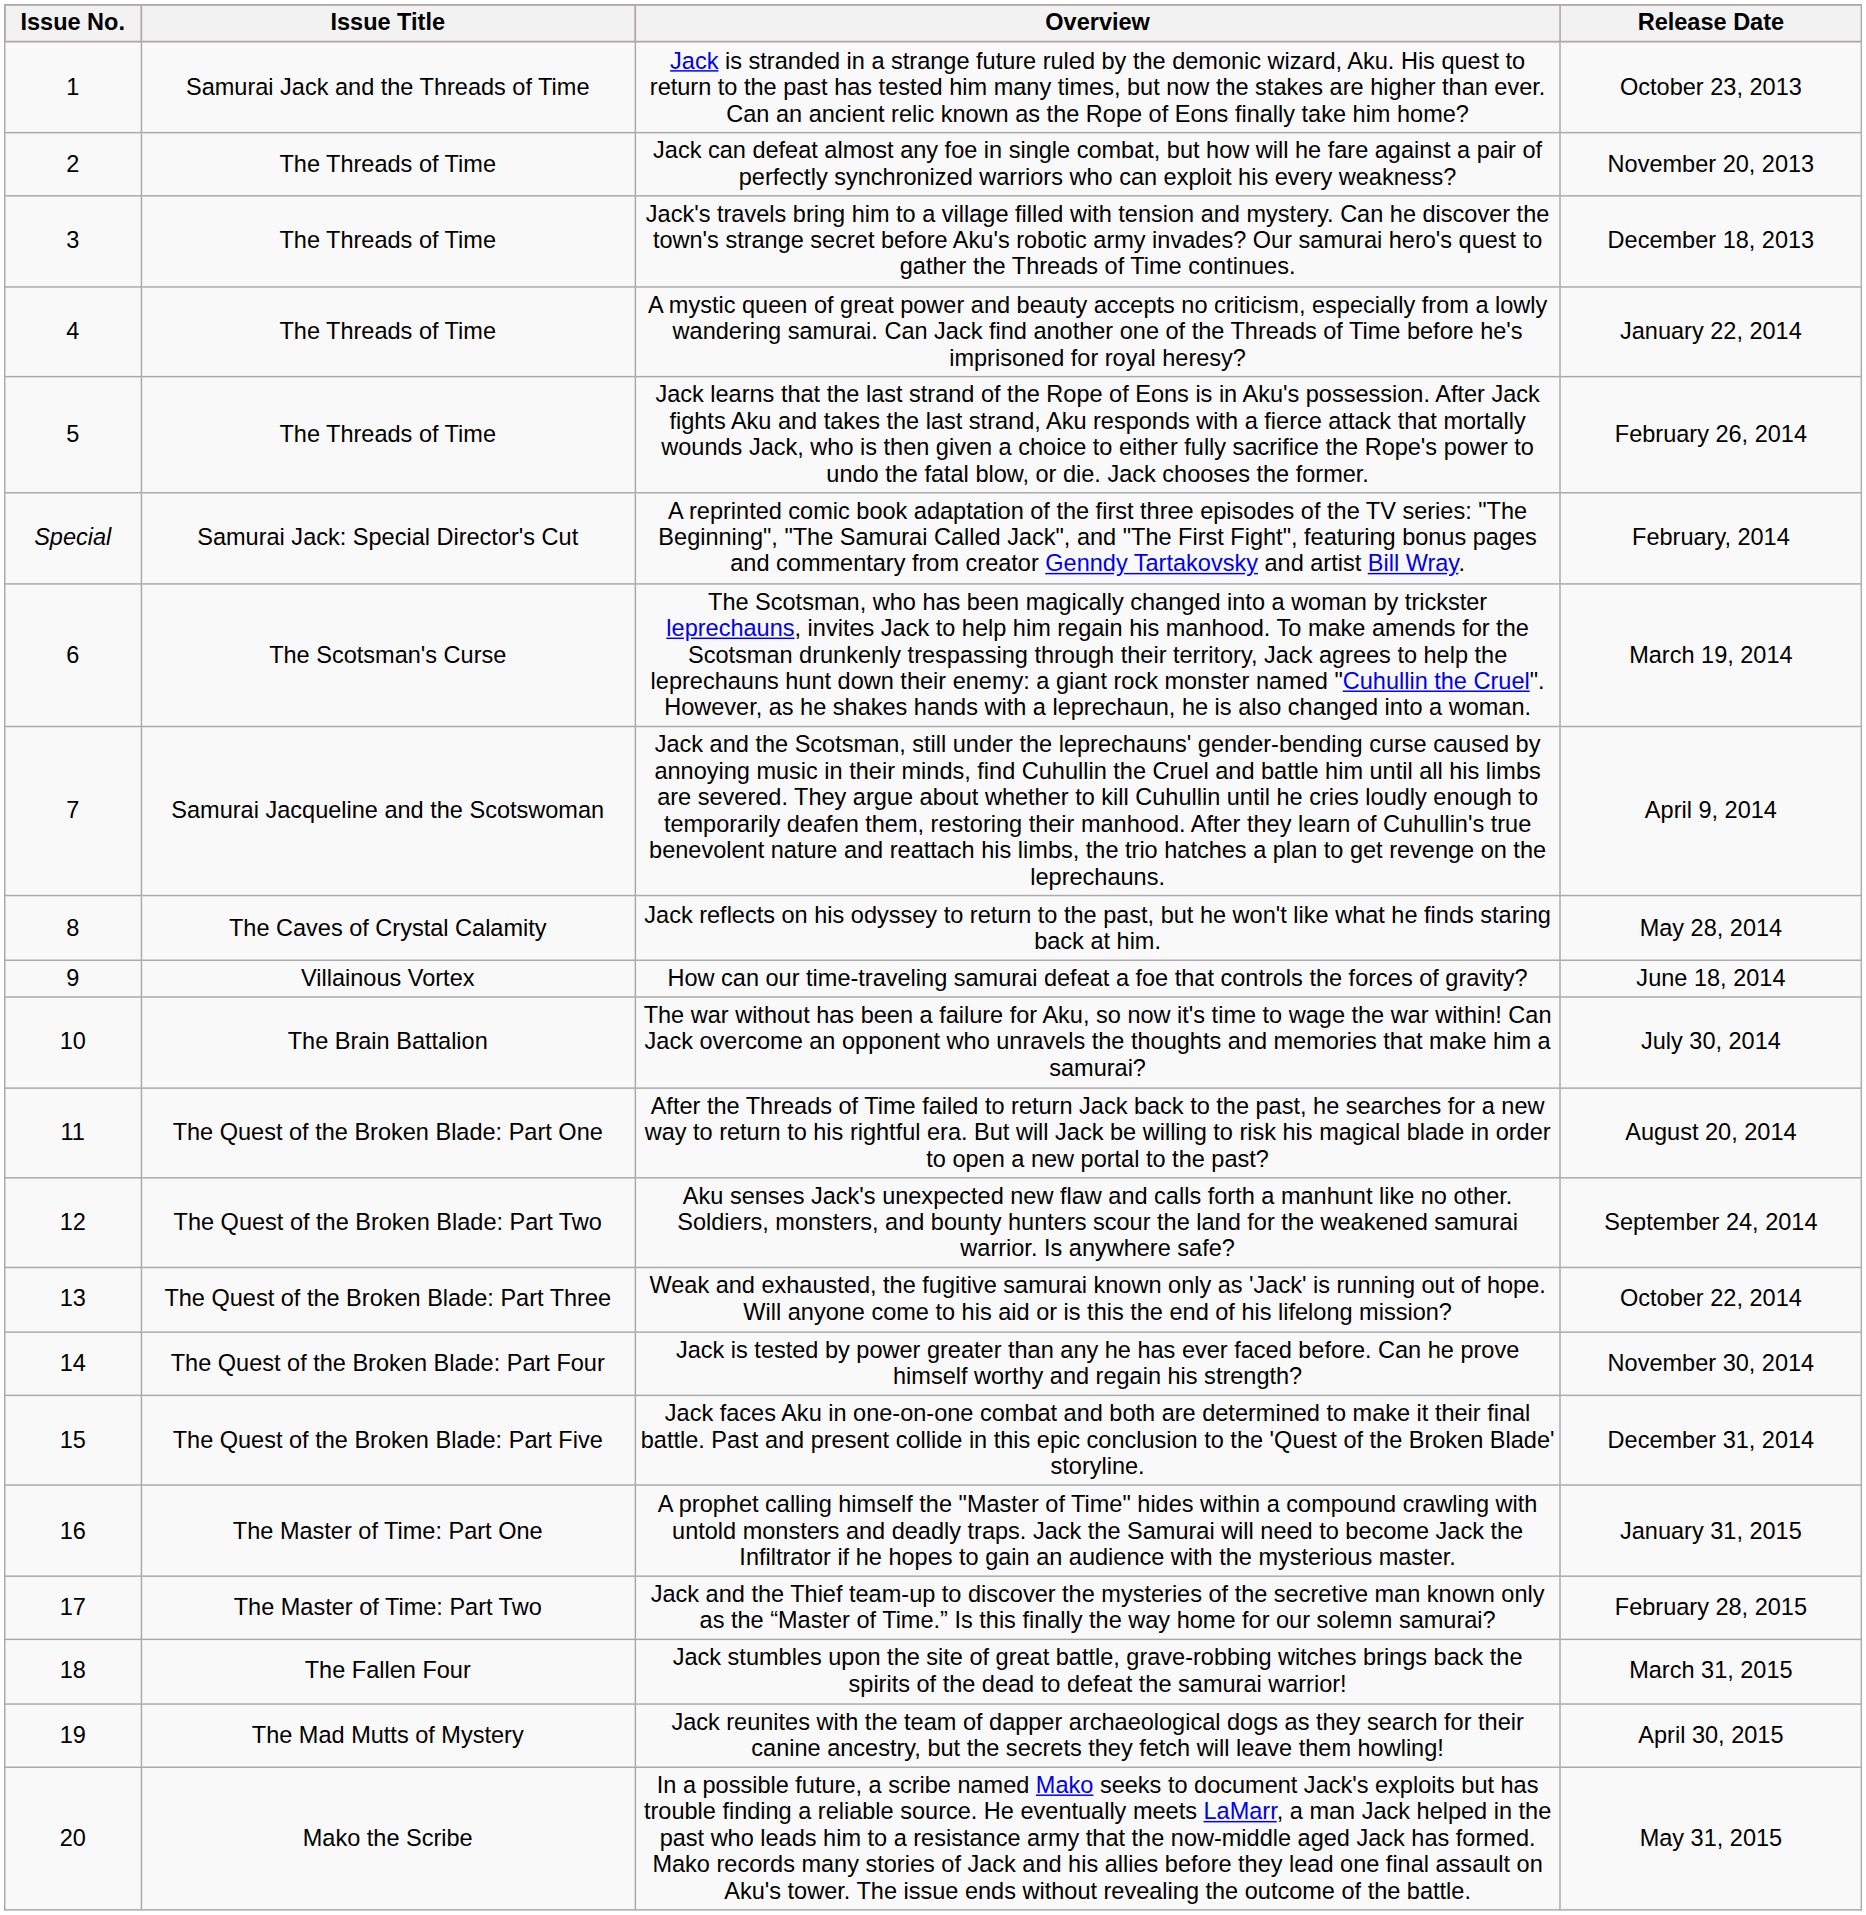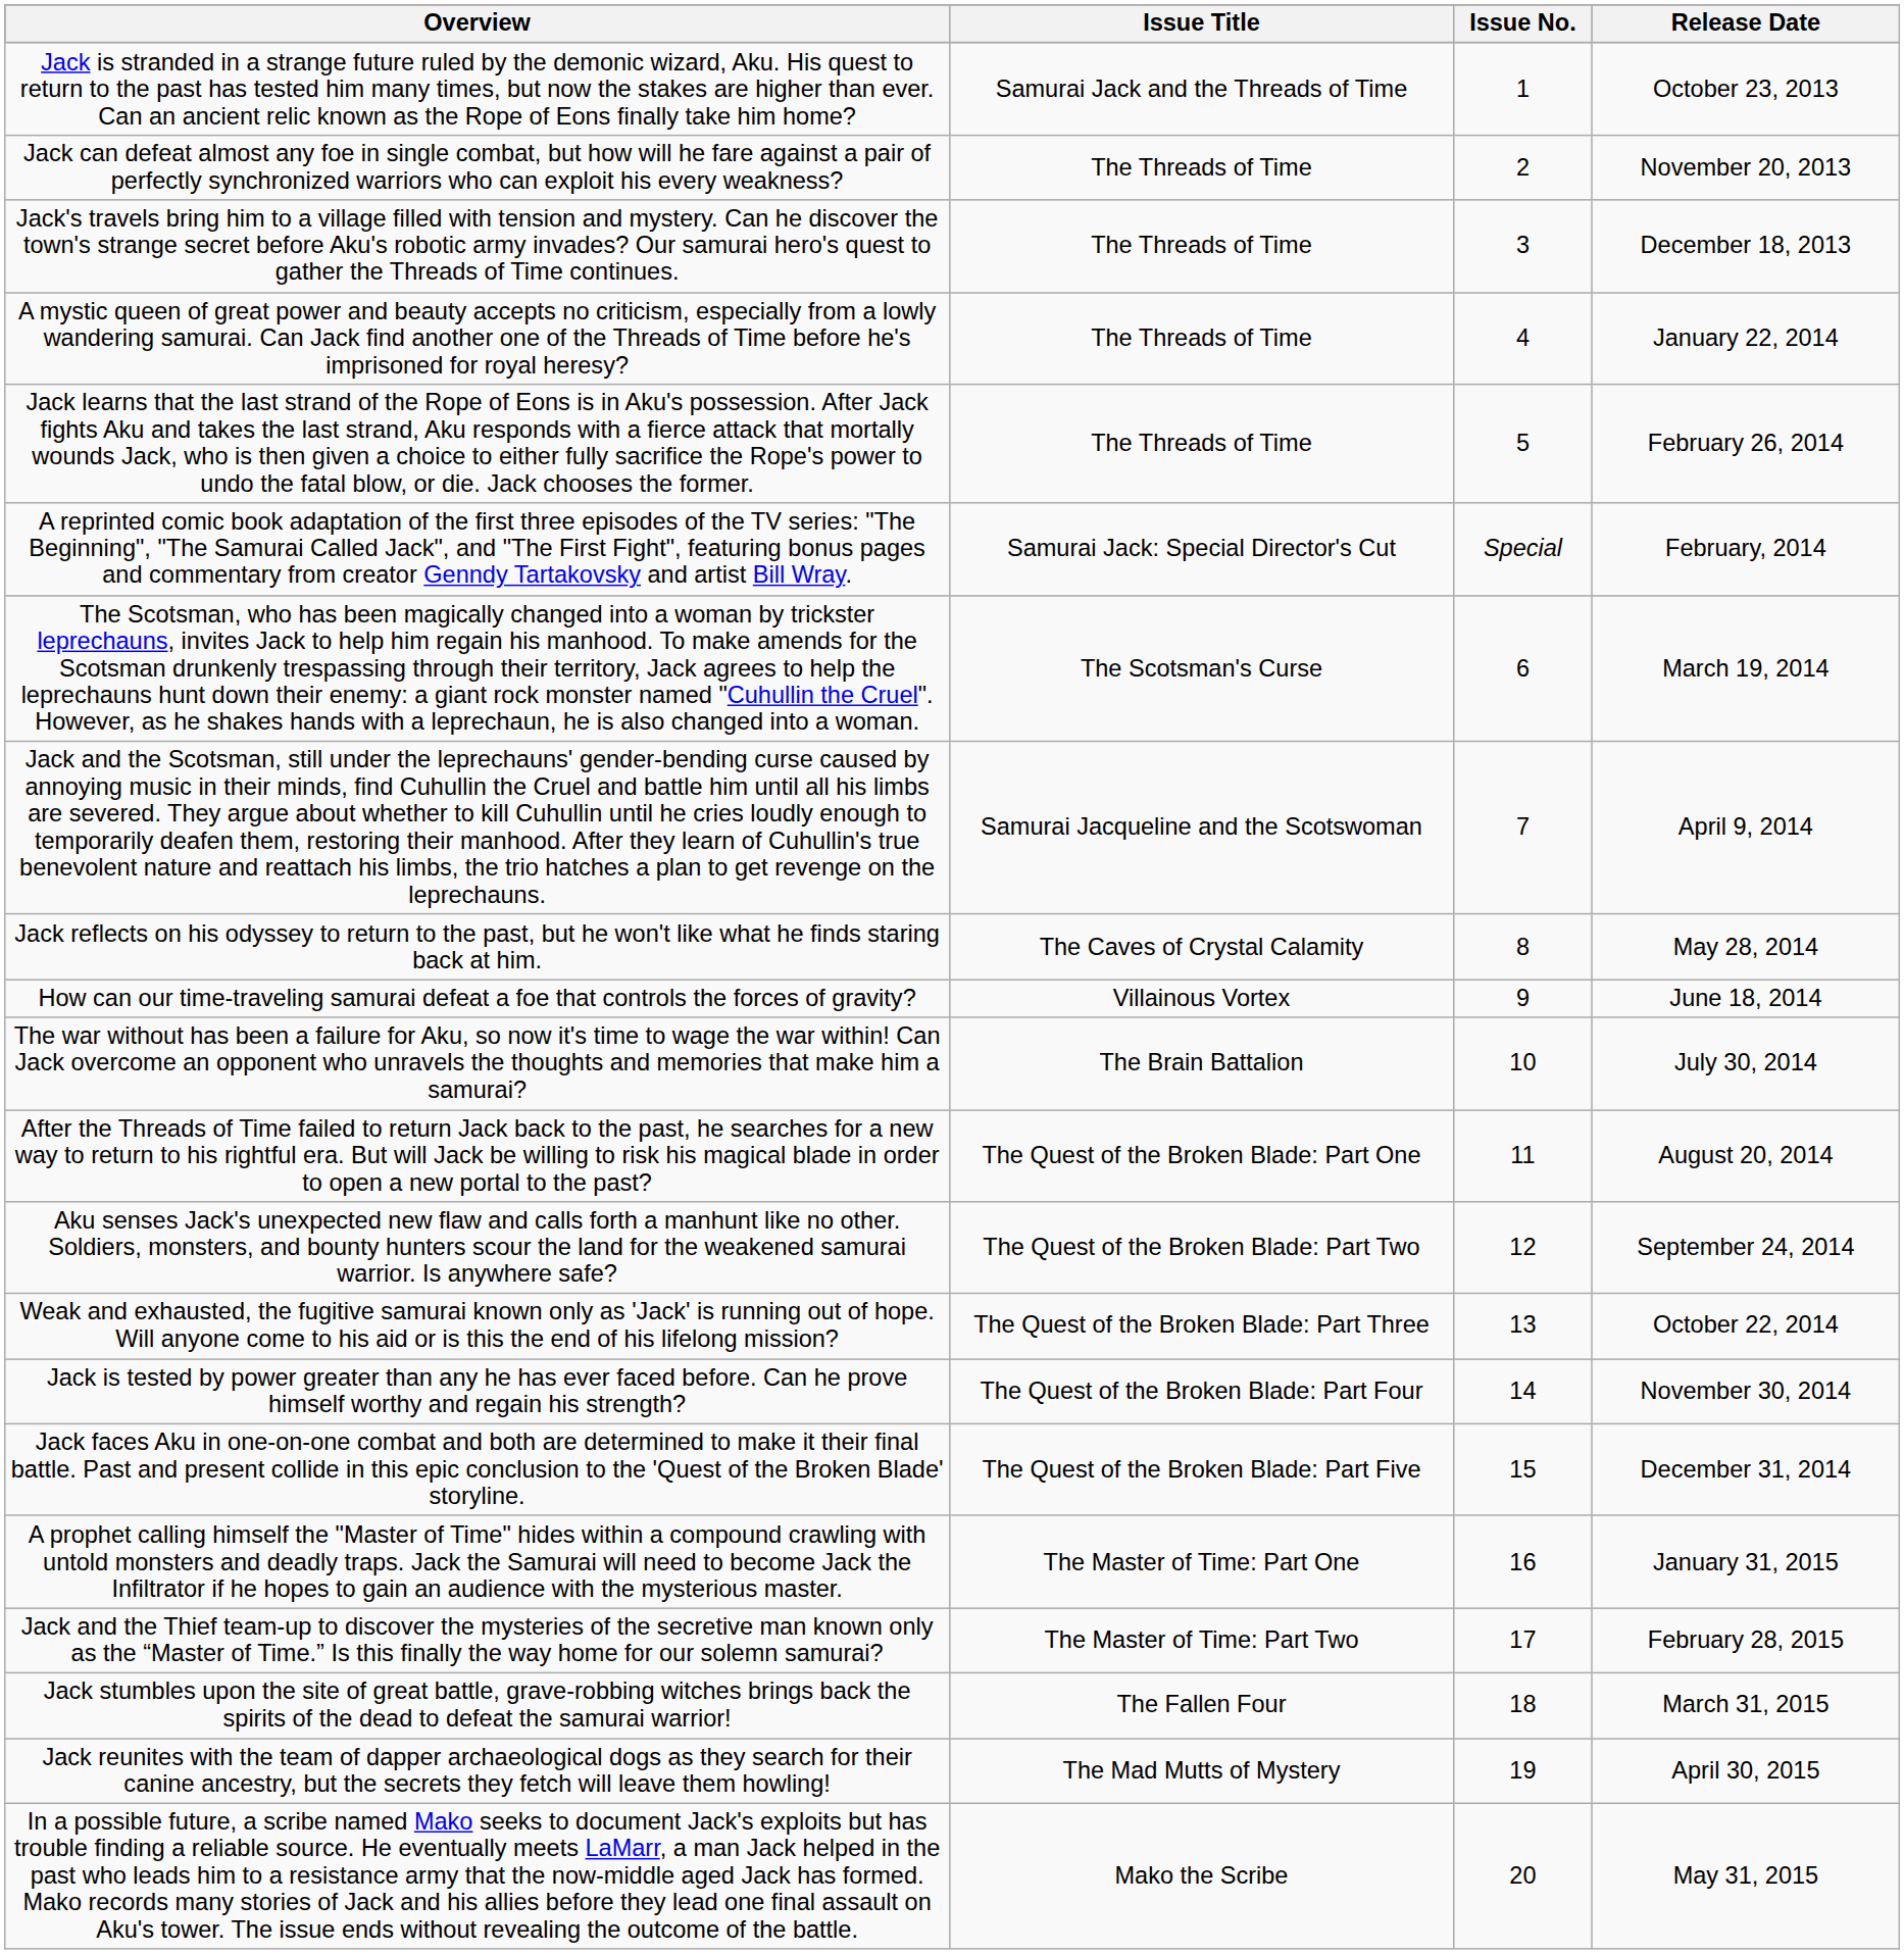 <table class="wikitable plainrowheaders" border="2" width="100%" style="text-align:center;">
 <tr style="background:#980d26; text-align:center;">
+<th style="width:400px;">Overview</th>
+<th style="width:210px;">Issue Title</th>
 <th style="width:50px;">Issue No.</th>
-<th style="width:210px;">Issue Title</th>
-<th style="width:400px;">Overview</th>
 <th style="width:125px;">Release Date</th>
 </tr>
 <tr>
+<td><a href='#'>Jack</a> is stranded in a strange future ruled by the demonic wizard, Aku. His quest to return to the past has tested him many times, but now the stakes are higher than ever. Can an ancient relic known as the Rope of Eons finally take him home?</td>
+<td>Samurai Jack and the Threads of Time</td>
 <td>1</td>
-<td>Samurai Jack and the Threads of Time</td>
-<td><a href='#'>Jack</a> is stranded in a strange future ruled by the demonic wizard, Aku. His quest to return to the past has tested him many times, but now the stakes are higher than ever. Can an ancient relic known as the Rope of Eons finally take him home?</td>
 <td>October 23, 2013</td>
 </tr>
 <tr>
+<td>Jack can defeat almost any foe in single combat, but how will he fare against a pair of perfectly synchronized warriors who can exploit his every weakness?</td>
+<td>The Threads of Time</td>
 <td>2</td>
-<td>The Threads of Time</td>
-<td>Jack can defeat almost any foe in single combat, but how will he fare against a pair of perfectly synchronized warriors who can exploit his every weakness?</td>
 <td>November 20, 2013</td>
 </tr>
 <tr>
+<td>Jack's travels bring him to a village filled with tension and mystery. Can he discover the town's strange secret before Aku's robotic army invades? Our samurai hero's quest to gather the Threads of Time continues.</td>
+<td>The Threads of Time</td>
 <td>3</td>
-<td>The Threads of Time</td>
-<td>Jack's travels bring him to a village filled with tension and mystery. Can he discover the town's strange secret before Aku's robotic army invades? Our samurai hero's quest to gather the Threads of Time continues.</td>
 <td>December 18, 2013</td>
 </tr>
 <tr>
+<td>A mystic queen of great power and beauty accepts no criticism, especially from a lowly wandering samurai. Can Jack find another one of the Threads of Time before he's imprisoned for royal heresy?</td>
+<td>The Threads of Time</td>
 <td>4</td>
-<td>The Threads of Time</td>
-<td>A mystic queen of great power and beauty accepts no criticism, especially from a lowly wandering samurai. Can Jack find another one of the Threads of Time before he's imprisoned for royal heresy?</td>
 <td>January 22, 2014</td>
 </tr>
 <tr>
+<td>Jack learns that the last strand of the Rope of Eons is in Aku's possession. After Jack fights Aku and takes the last strand, Aku responds with a fierce attack that mortally wounds Jack, who is then given a choice to either fully sacrifice the Rope's power to undo the fatal blow, or die. Jack chooses the former.</td>
+<td>The Threads of Time</td>
 <td>5</td>
-<td>The Threads of Time</td>
-<td>Jack learns that the last strand of the Rope of Eons is in Aku's possession. After Jack fights Aku and takes the last strand, Aku responds with a fierce attack that mortally wounds Jack, who is then given a choice to either fully sacrifice the Rope's power to undo the fatal blow, or die. Jack chooses the former.</td>
 <td>February 26, 2014</td>
 </tr>
 <tr>
+<td>A reprinted comic book adaptation of the first three episodes of the TV series: "The Beginning", "The Samurai Called Jack", and "The First Fight", featuring bonus pages and commentary from creator <a href='#'>Genndy Tartakovsky</a> and artist <a href='#'>Bill Wray</a>.</td>
+<td>Samurai Jack: Special Director's Cut</td>
 <td><em>Special</em></td>
-<td>Samurai Jack: Special Director's Cut</td>
-<td>A reprinted comic book adaptation of the first three episodes of the TV series: "The Beginning", "The Samurai Called Jack", and "The First Fight", featuring bonus pages and commentary from creator <a href='#'>Genndy Tartakovsky</a> and artist <a href='#'>Bill Wray</a>.</td>
 <td>February, 2014</td>
 </tr>
 <tr>
+<td>The Scotsman, who has been magically changed into a woman by trickster <a href='#'>leprechauns</a>, invites Jack to help him regain his manhood. To make amends for the Scotsman drunkenly trespassing through their territory, Jack agrees to help the leprechauns hunt down their enemy: a giant rock monster named "<a href='#'>Cuhullin the Cruel</a>". However, as he shakes hands with a leprechaun, he is also changed into a woman.</td>
+<td>The Scotsman's Curse</td>
 <td>6</td>
-<td>The Scotsman's Curse</td>
-<td>The Scotsman, who has been magically changed into a woman by trickster <a href='#'>leprechauns</a>, invites Jack to help him regain his manhood. To make amends for the Scotsman drunkenly trespassing through their territory, Jack agrees to help the leprechauns hunt down their enemy: a giant rock monster named "<a href='#'>Cuhullin the Cruel</a>". However, as he shakes hands with a leprechaun, he is also changed into a woman.</td>
 <td>March 19, 2014</td>
 </tr>
 <tr>
+<td>Jack and the Scotsman, still under the leprechauns' gender-bending curse caused by annoying music in their minds, find Cuhullin the Cruel and battle him until all his limbs are severed. They argue about whether to kill Cuhullin until he cries loudly enough to temporarily deafen them, restoring their manhood. After they learn of Cuhullin's true benevolent nature and reattach his limbs, the trio hatches a plan to get revenge on the leprechauns.</td>
+<td>Samurai Jacqueline and the Scotswoman</td>
 <td>7</td>
-<td>Samurai Jacqueline and the Scotswoman</td>
-<td>Jack and the Scotsman, still under the leprechauns' gender-bending curse caused by annoying music in their minds, find Cuhullin the Cruel and battle him until all his limbs are severed. They argue about whether to kill Cuhullin until he cries loudly enough to temporarily deafen them, restoring their manhood. After they learn of Cuhullin's true benevolent nature and reattach his limbs, the trio hatches a plan to get revenge on the leprechauns.</td>
 <td>April 9, 2014</td>
 </tr>
 <tr>
+<td>Jack reflects on his odyssey to return to the past, but he won't like what he finds staring back at him.</td>
+<td>The Caves of Crystal Calamity</td>
 <td>8</td>
-<td>The Caves of Crystal Calamity</td>
-<td>Jack reflects on his odyssey to return to the past, but he won't like what he finds staring back at him.</td>
 <td>May 28, 2014</td>
 </tr>
 <tr>
+<td>How can our time-traveling samurai defeat a foe that controls the forces of gravity? </td>
+<td>Villainous Vortex</td>
 <td>9</td>
-<td>Villainous Vortex</td>
-<td>How can our time-traveling samurai defeat a foe that controls the forces of gravity? </td>
 <td>June 18, 2014</td>
 </tr>
 <tr>
+<td>The war without has been a failure for Aku, so now it's time to wage the war within! Can Jack overcome an opponent who unravels the thoughts and memories that make him a samurai?</td>
+<td>The Brain Battalion</td>
 <td>10</td>
-<td>The Brain Battalion</td>
-<td>The war without has been a failure for Aku, so now it's time to wage the war within! Can Jack overcome an opponent who unravels the thoughts and memories that make him a samurai?</td>
 <td>July 30, 2014</td>
 </tr>
 <tr>
+<td>After the Threads of Time failed to return Jack back to the past, he searches for a new way to return to his rightful era. But will Jack be willing to risk his magical blade in order to open a new portal to the past?</td>
+<td>The Quest of the Broken Blade: Part One</td>
 <td>11</td>
-<td>The Quest of the Broken Blade: Part One</td>
-<td>After the Threads of Time failed to return Jack back to the past, he searches for a new way to return to his rightful era. But will Jack be willing to risk his magical blade in order to open a new portal to the past?</td>
 <td>August 20, 2014</td>
 </tr>
 <tr>
+<td>Aku senses Jack's unexpected new flaw and calls forth a manhunt like no other. Soldiers, monsters, and bounty hunters scour the land for the weakened samurai warrior. Is anywhere safe?</td>
+<td>The Quest of the Broken Blade: Part Two</td>
 <td>12</td>
-<td>The Quest of the Broken Blade: Part Two</td>
-<td>Aku senses Jack's unexpected new flaw and calls forth a manhunt like no other. Soldiers, monsters, and bounty hunters scour the land for the weakened samurai warrior. Is anywhere safe?</td>
 <td>September 24, 2014</td>
 </tr>
 <tr>
+<td>Weak and exhausted, the fugitive samurai known only as 'Jack' is running out of hope. Will anyone come to his aid or is this the end of his lifelong mission? </td>
+<td>The Quest of the Broken Blade: Part Three</td>
 <td>13</td>
-<td>The Quest of the Broken Blade: Part Three</td>
-<td>Weak and exhausted, the fugitive samurai known only as 'Jack' is running out of hope. Will anyone come to his aid or is this the end of his lifelong mission? </td>
 <td>October 22, 2014</td>
 </tr>
 <tr>
+<td>Jack is tested by power greater than any he has ever faced before. Can he prove himself worthy and regain his strength?</td>
+<td>The Quest of the Broken Blade: Part Four</td>
 <td>14</td>
-<td>The Quest of the Broken Blade: Part Four</td>
-<td>Jack is tested by power greater than any he has ever faced before. Can he prove himself worthy and regain his strength?</td>
 <td>November 30, 2014</td>
 </tr>
 <tr>
+<td>Jack faces Aku in one-on-one combat and both are determined to make it their final battle. Past and present collide in this epic conclusion to the 'Quest of the Broken Blade' storyline.</td>
+<td>The Quest of the Broken Blade: Part Five</td>
 <td>15</td>
-<td>The Quest of the Broken Blade: Part Five</td>
-<td>Jack faces Aku in one-on-one combat and both are determined to make it their final battle. Past and present collide in this epic conclusion to the 'Quest of the Broken Blade' storyline.</td>
 <td>December 31, 2014</td>
 </tr>
 <tr>
+<td>A prophet calling himself the "Master of Time" hides within a compound crawling with untold monsters and deadly traps. Jack the Samurai will need to become Jack the Infiltrator if he hopes to gain an audience with the mysterious master.</td>
+<td>The Master of Time: Part One</td>
 <td>16</td>
-<td>The Master of Time: Part One</td>
-<td>A prophet calling himself the "Master of Time" hides within a compound crawling with untold monsters and deadly traps. Jack the Samurai will need to become Jack the Infiltrator if he hopes to gain an audience with the mysterious master.</td>
 <td>January 31, 2015</td>
 </tr>
 <tr>
+<td>Jack and the Thief team-up to discover the mysteries of the secretive man known only as the “Master of Time.” Is this finally the way home for our solemn samurai?</td>
+<td>The Master of Time: Part Two</td>
 <td>17</td>
-<td>The Master of Time: Part Two</td>
-<td>Jack and the Thief team-up to discover the mysteries of the secretive man known only as the “Master of Time.” Is this finally the way home for our solemn samurai?</td>
 <td>February 28, 2015</td>
 </tr>
 <tr>
+<td>Jack stumbles upon the site of great battle, grave-robbing witches brings back the spirits of the dead to defeat the samurai warrior!</td>
+<td>The Fallen Four</td>
 <td>18</td>
-<td>The Fallen Four</td>
-<td>Jack stumbles upon the site of great battle, grave-robbing witches brings back the spirits of the dead to defeat the samurai warrior!</td>
 <td>March 31, 2015</td>
 </tr>
 <tr>
+<td>Jack reunites with the team of dapper archaeological dogs as they search for their canine ancestry, but the secrets they fetch will leave them howling!</td>
+<td>The Mad Mutts of Mystery</td>
 <td>19</td>
-<td>The Mad Mutts of Mystery</td>
-<td>Jack reunites with the team of dapper archaeological dogs as they search for their canine ancestry, but the secrets they fetch will leave them howling!</td>
 <td>April 30, 2015</td>
 </tr>
 <tr>
+<td>In a possible future, a scribe named <a href='#'>Mako</a> seeks to document Jack's exploits but has trouble finding a reliable source. He eventually meets <a href='#'>LaMarr</a>, a man Jack helped in the past who leads him to a resistance army that the now-middle aged Jack has formed. Mako records many stories of Jack and his allies before they lead one final assault on Aku's tower. The issue ends without revealing the outcome of the battle.</td>
+<td>Mako the Scribe</td>
 <td>20</td>
-<td>Mako the Scribe</td>
-<td>In a possible future, a scribe named <a href='#'>Mako</a> seeks to document Jack's exploits but has trouble finding a reliable source. He eventually meets <a href='#'>LaMarr</a>, a man Jack helped in the past who leads him to a resistance army that the now-middle aged Jack has formed. Mako records many stories of Jack and his allies before they lead one final assault on Aku's tower. The issue ends without revealing the outcome of the battle.</td>
 <td>May 31, 2015</td>
 </tr>
 </table>
